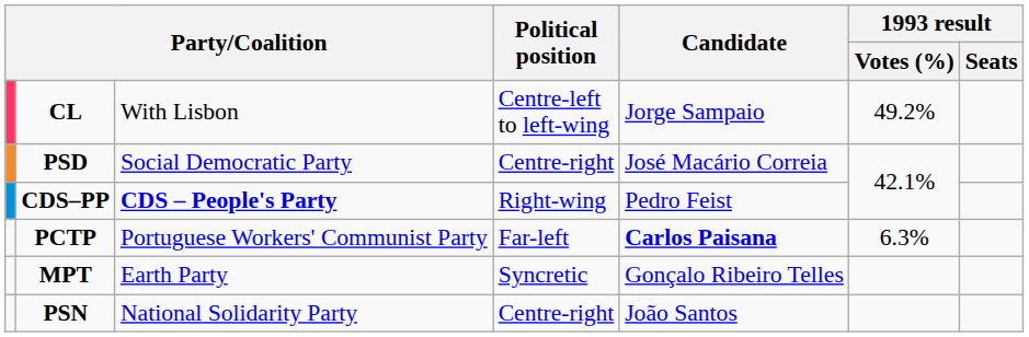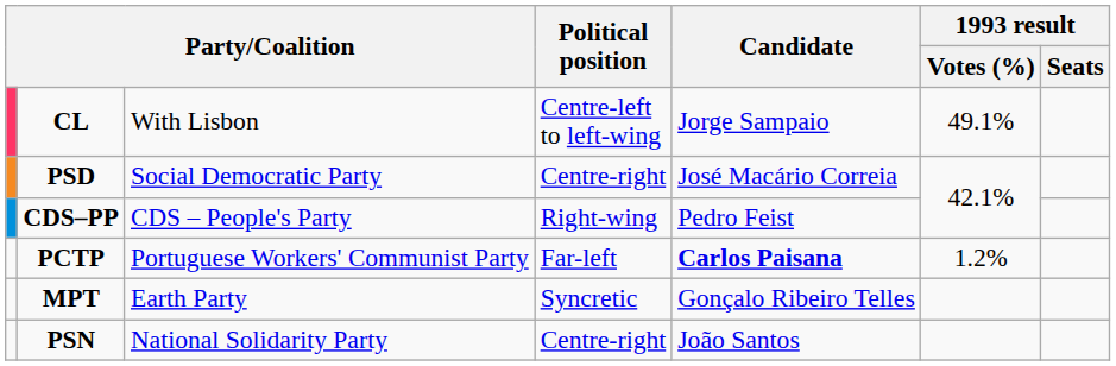 <table class="wikitable">
 <tr>
 <th colspan="3" rowspan="2">Party/Coalition</th>
 <th rowspan="2">Political<br>position</th>
 <th rowspan="2">Candidate</th>
 <th colspan="2">1993 result</th>
 </tr>
 <tr>
 <th>Votes (%)</th>
 <th>Seats</th>
 </tr>
 <tr>
 <td style="background:#FF3366;"></td>
 <td style="text-align:center;"><strong>CL</strong></td>
 <td>With Lisbon<br> </td>
 <td><a href='#'>Centre-left</a><br>to <a href='#'>left-wing</a></td>
 <td><a href='#'>Jorge Sampaio</a></td>
-<td style="text-align:center;">49.2%</td>
+<td style="text-align:center;">49.1%</td>
 <td></td>
 </tr>
 <tr>
 <td style="background:#F68A21;"></td>
 <td style="text-align:center;"><strong>PSD</strong></td>
 <td><a href='#'>Social Democratic Party</a><br></td>
 <td><a href='#'>Centre-right</a></td>
 <td><a href='#'>José Macário Correia</a></td>
 <td rowspan="2" style="text-align:center;">42.1%</td>
 <td></td>
 </tr>
 <tr>
 <td style="background:#0091DC;"></td>
 <td style="text-align:center;"><strong>CDS–PP</strong></td>
-<td><strong><a href='#'>CDS – People's Party</a><br></strong></td>
+<td><a href='#'>CDS – People's Party</a><br></td>
 <td><a href='#'>Right-wing</a></td>
 <td><a href='#'>Pedro Feist</a></td>
 <td></td>
 </tr>
 <tr>
 <td style="background:"></td>
 <td style="text-align:center;"><strong>PCTP</strong></td>
 <td><a href='#'>Portuguese Workers' Communist Party</a><br></td>
 <td><a href='#'>Far-left</a></td>
 <td><strong><a href='#'>Carlos Paisana</a></strong></td>
-<td style="text-align:center;">6.3%</td>
+<td style="text-align:center;">1.2%</td>
 <td></td>
 </tr>
 <tr>
 <td style="background:"></td>
 <td style="text-align:center;"><strong>MPT</strong></td>
 <td><a href='#'>Earth Party</a><br></td>
 <td><a href='#'>Syncretic</a></td>
 <td><a href='#'>Gonçalo Ribeiro Telles</a></td>
 <td></td>
 <td></td>
 </tr>
 <tr>
 <td style="background:"></td>
 <td style="text-align:center;"><strong>PSN</strong></td>
 <td><a href='#'>National Solidarity Party</a><br></td>
 <td><a href='#'>Centre-right</a></td>
 <td><a href='#'>João Santos</a></td>
 <td></td>
 <td></td>
 </tr>
 </table>
